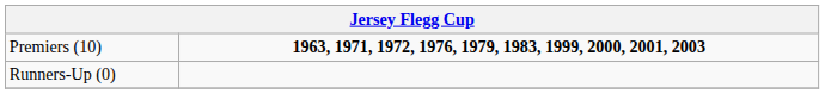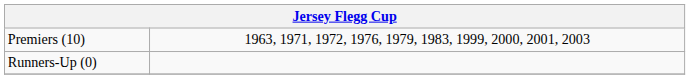 <table class="wikitable" width="55%" style="font-size:90%">
 <tr style="background:#efefef">
 <th colspan=11><a href='#'>Jersey Flegg Cup</a></th>
 </tr>
 <tr>
 <td>Premiers (10)</td>
-<td align="center"><strong>1963, 1971, 1972, 1976, 1979, 1983, 1999, 2000, 2001, 2003</strong></td>
+<td align="center">1963, 1971, 1972, 1976, 1979, 1983, 1999, 2000, 2001, 2003</td>
 </tr>
 <tr>
 <td>Runners-Up (0)</td>
 <td align="center"></td>
 </tr>
 <tr>
 </tr>
 </table>
